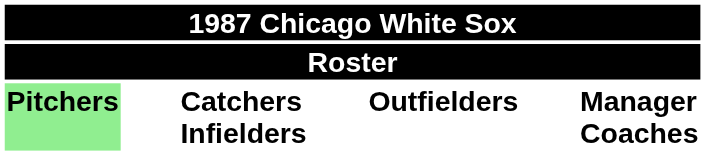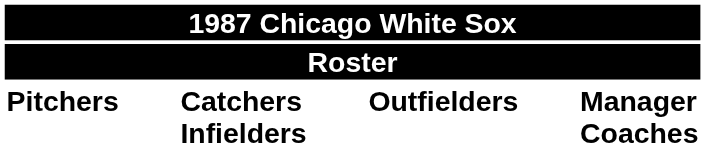 <table class="toccolours" style="font-size: 95%;">
 <tr>
 <th colspan="10" style="background-color: black; color: white; text-align: center;">1987 Chicago White Sox</th>
 </tr>
 <tr>
 <td colspan="10" style="background-color: black; color: white; text-align: center;"><strong>Roster</strong></td>
 </tr>
 <tr>
-<td valign="top" style="background: lightgreen;"><strong>Pitchers</strong><br>                 </td>
+<td valign="top"><strong>Pitchers</strong><br>                 </td>
 <td width="25px"></td>
 <td valign="top"><strong>Catchers</strong><br>    <strong>Infielders</strong>        </td>
 <td width="25px"></td>
 <td valign="top"><strong>Outfielders</strong><br>     </td>
 <td width="25px"></td>
 <td valign="top"><strong>Manager</strong><br> <strong>Coaches</strong>      </td>
 </tr>
 </table>
